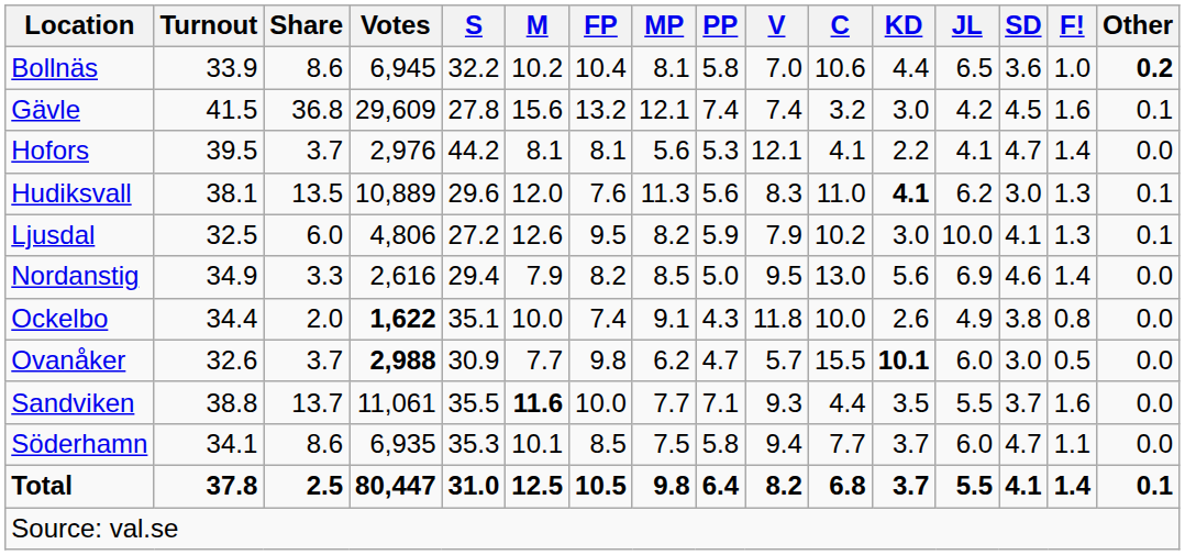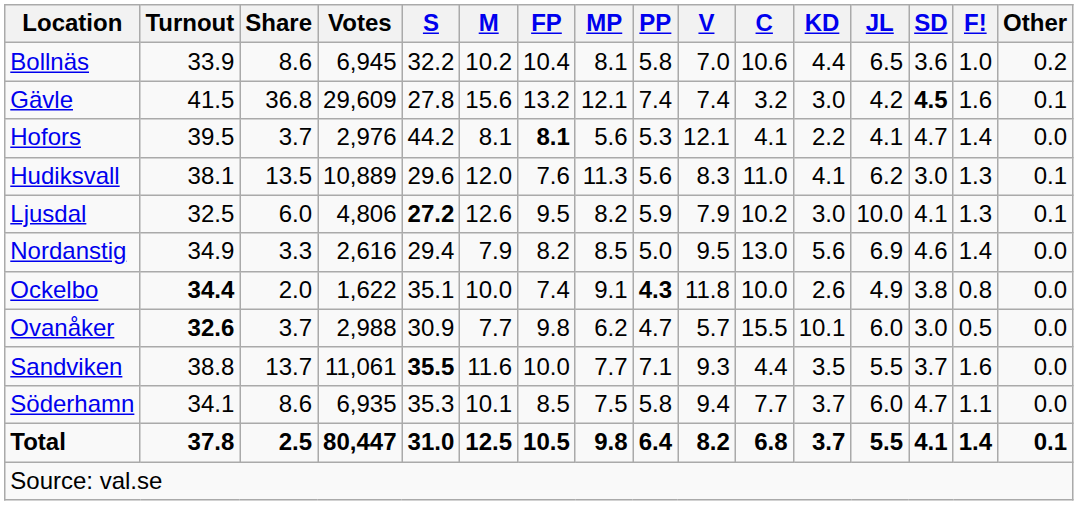 <table class="wikitable sortable" style=text-align:right>
 <tr>
 <th>Location</th>
 <th>Turnout</th>
 <th>Share</th>
 <th>Votes</th>
 <th><a href='#'>S</a></th>
 <th><a href='#'>M</a></th>
 <th><a href='#'>FP</a></th>
 <th><a href='#'>MP</a></th>
 <th><a href='#'>PP</a></th>
 <th><a href='#'>V</a></th>
 <th><a href='#'>C</a></th>
 <th><a href='#'>KD</a></th>
 <th><a href='#'>JL</a></th>
 <th><a href='#'>SD</a></th>
 <th><a href='#'>F!</a></th>
 <th>Other</th>
 </tr>
 <tr>
 <td align=left><a href='#'>Bollnäs</a></td>
 <td>33.9</td>
 <td>8.6</td>
 <td>6,945</td>
 <td>32.2</td>
 <td>10.2</td>
 <td>10.4</td>
 <td>8.1</td>
 <td>5.8</td>
 <td>7.0</td>
 <td>10.6</td>
 <td>4.4</td>
 <td>6.5</td>
 <td>3.6</td>
 <td>1.0</td>
-<td><strong>0.2</strong></td>
+<td>0.2</td>
 </tr>
 <tr>
 <td align=left><a href='#'>Gävle</a></td>
 <td>41.5</td>
 <td>36.8</td>
 <td>29,609</td>
 <td>27.8</td>
 <td>15.6</td>
 <td>13.2</td>
 <td>12.1</td>
 <td>7.4</td>
 <td>7.4</td>
 <td>3.2</td>
 <td>3.0</td>
 <td>4.2</td>
-<td>4.5</td>
+<td><strong>4.5</strong></td>
 <td>1.6</td>
 <td>0.1</td>
 </tr>
 <tr>
 <td align=left><a href='#'>Hofors</a></td>
 <td>39.5</td>
 <td>3.7</td>
 <td>2,976</td>
 <td>44.2</td>
 <td>8.1</td>
-<td>8.1</td>
+<td><strong>8.1</strong></td>
 <td>5.6</td>
 <td>5.3</td>
 <td>12.1</td>
 <td>4.1</td>
 <td>2.2</td>
 <td>4.1</td>
 <td>4.7</td>
 <td>1.4</td>
 <td>0.0</td>
 </tr>
 <tr>
 <td align=left><a href='#'>Hudiksvall</a></td>
 <td>38.1</td>
 <td>13.5</td>
 <td>10,889</td>
 <td>29.6</td>
 <td>12.0</td>
 <td>7.6</td>
 <td>11.3</td>
 <td>5.6</td>
 <td>8.3</td>
 <td>11.0</td>
-<td><strong>4.1</strong></td>
+<td>4.1</td>
 <td>6.2</td>
 <td>3.0</td>
 <td>1.3</td>
 <td>0.1</td>
 </tr>
 <tr>
 <td align=left><a href='#'>Ljusdal</a></td>
 <td>32.5</td>
 <td>6.0</td>
 <td>4,806</td>
-<td>27.2</td>
+<td><strong>27.2</strong></td>
 <td>12.6</td>
 <td>9.5</td>
 <td>8.2</td>
 <td>5.9</td>
 <td>7.9</td>
 <td>10.2</td>
 <td>3.0</td>
 <td>10.0</td>
 <td>4.1</td>
 <td>1.3</td>
 <td>0.1</td>
 </tr>
 <tr>
 <td align=left><a href='#'>Nordanstig</a></td>
 <td>34.9</td>
 <td>3.3</td>
 <td>2,616</td>
 <td>29.4</td>
 <td>7.9</td>
 <td>8.2</td>
 <td>8.5</td>
 <td>5.0</td>
 <td>9.5</td>
 <td>13.0</td>
 <td>5.6</td>
 <td>6.9</td>
 <td>4.6</td>
 <td>1.4</td>
 <td>0.0</td>
 </tr>
 <tr>
 <td align=left><a href='#'>Ockelbo</a></td>
-<td>34.4</td>
+<td><strong>34.4</strong></td>
 <td>2.0</td>
-<td><strong>1,622</strong></td>
+<td>1,622</td>
 <td>35.1</td>
 <td>10.0</td>
 <td>7.4</td>
 <td>9.1</td>
-<td>4.3</td>
+<td><strong>4.3</strong></td>
 <td>11.8</td>
 <td>10.0</td>
 <td>2.6</td>
 <td>4.9</td>
 <td>3.8</td>
 <td>0.8</td>
 <td>0.0</td>
 </tr>
 <tr>
 <td align=left><a href='#'>Ovanåker</a></td>
-<td>32.6</td>
+<td><strong>32.6</strong></td>
 <td>3.7</td>
-<td><strong>2,988</strong></td>
+<td>2,988</td>
 <td>30.9</td>
 <td>7.7</td>
 <td>9.8</td>
 <td>6.2</td>
 <td>4.7</td>
 <td>5.7</td>
 <td>15.5</td>
-<td><strong>10.1</strong></td>
+<td>10.1</td>
 <td>6.0</td>
 <td>3.0</td>
 <td>0.5</td>
 <td>0.0</td>
 </tr>
 <tr>
 <td align=left><a href='#'>Sandviken</a></td>
 <td>38.8</td>
 <td>13.7</td>
 <td>11,061</td>
-<td>35.5</td>
-<td><strong>11.6</strong></td>
+<td><strong>35.5</strong></td>
+<td>11.6</td>
 <td>10.0</td>
 <td>7.7</td>
 <td>7.1</td>
 <td>9.3</td>
 <td>4.4</td>
 <td>3.5</td>
 <td>5.5</td>
 <td>3.7</td>
 <td>1.6</td>
 <td>0.0</td>
 </tr>
 <tr>
 <td align=left><a href='#'>Söderhamn</a></td>
 <td>34.1</td>
 <td>8.6</td>
 <td>6,935</td>
 <td>35.3</td>
 <td>10.1</td>
 <td>8.5</td>
 <td>7.5</td>
 <td>5.8</td>
 <td>9.4</td>
 <td>7.7</td>
 <td>3.7</td>
 <td>6.0</td>
 <td>4.7</td>
 <td>1.1</td>
 <td>0.0</td>
 </tr>
 <tr>
 <td align=left><strong>Total</strong></td>
 <td><strong>37.8</strong></td>
 <td><strong>2.5</strong></td>
 <td><strong>80,447</strong></td>
 <td><strong>31.0</strong></td>
 <td><strong>12.5</strong></td>
 <td><strong>10.5</strong></td>
 <td><strong>9.8</strong></td>
 <td><strong>6.4</strong></td>
 <td><strong>8.2</strong></td>
 <td><strong>6.8</strong></td>
 <td><strong>3.7</strong></td>
 <td><strong>5.5</strong></td>
 <td><strong>4.1</strong></td>
 <td><strong>1.4</strong></td>
 <td><strong>0.1</strong></td>
 </tr>
 <tr>
 <td align=left colspan=16>Source: val.se </td>
 </tr>
 </table>
